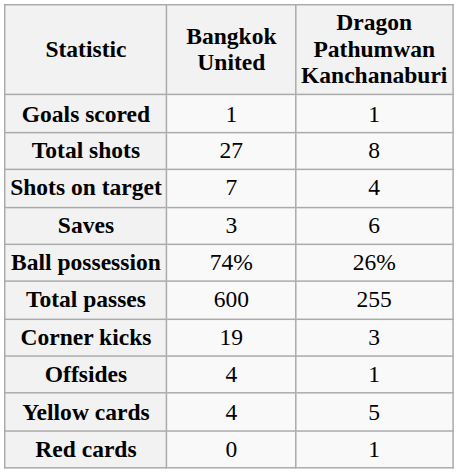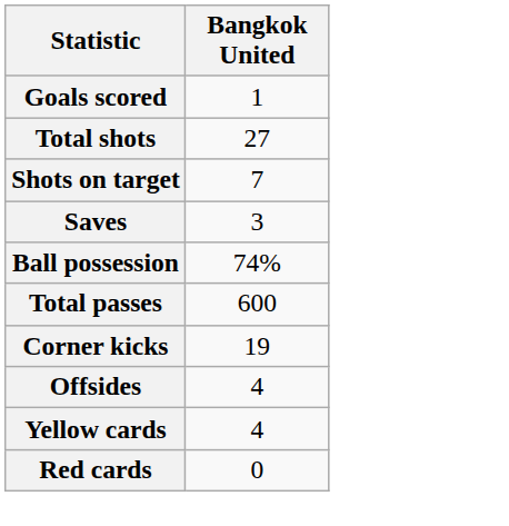 <table class="wikitable plainrowheaders" style="text-align:center">
 <tr>
 <th scope="col">Statistic</th>
 <th scope="col" style="width:80px">Bangkok United</th>
-<th scope="col" style="width:80px">Dragon Pathumwan Kanchanaburi</th>
 </tr>
 <tr>
 <th scope=row>Goals scored</th>
-<td>1</td>
 <td>1</td>
 </tr>
 <tr>
 <th scope=row>Total shots</th>
 <td>27</td>
-<td>8</td>
 </tr>
 <tr>
 <th scope=row>Shots on target</th>
 <td>7</td>
-<td>4</td>
 </tr>
 <tr>
 <th scope=row>Saves</th>
 <td>3</td>
-<td>6</td>
 </tr>
 <tr>
 <th scope=row>Ball possession</th>
 <td>74%</td>
-<td>26%</td>
 </tr>
 <tr>
 <th scope=row>Total passes</th>
 <td>600</td>
-<td>255</td>
 </tr>
 <tr>
 <th scope=row>Corner kicks</th>
 <td>19</td>
-<td>3</td>
 </tr>
 <tr>
 <th scope=row>Offsides</th>
 <td>4</td>
-<td>1</td>
 </tr>
 <tr>
 <th scope=row>Yellow cards</th>
 <td>4</td>
-<td>5</td>
 </tr>
 <tr>
 <th scope=row>Red cards</th>
 <td>0</td>
-<td>1</td>
 </tr>
 </table>
